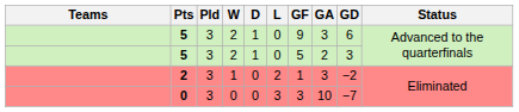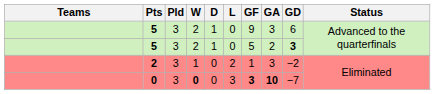 <table class=wikitable style="text-align:center">
 <tr>
 <th width=200>Teams</th>
 <th width=20>Pts</th>
 <th width=20>Pld</th>
 <th width=20>W</th>
 <th width=20>D</th>
 <th width=20>L</th>
 <th width=20>GF</th>
 <th width=20>GA</th>
 <th width=20>GD</th>
 <th width=181>Status</th>
 </tr>
 <tr bgcolor="#D0F0C0">
 <td style="text-align:left;"></td>
 <td><strong>5</strong></td>
 <td>3</td>
 <td>2</td>
 <td>1</td>
 <td>0</td>
 <td>9</td>
 <td>3</td>
 <td>6</td>
 <td rowspan=2>Advanced to the quarterfinals</td>
 </tr>
 <tr bgcolor="#D0F0C0">
 <td style="text-align:left;"></td>
 <td><strong>5</strong></td>
 <td>3</td>
 <td>2</td>
 <td>1</td>
 <td>0</td>
 <td>5</td>
 <td>2</td>
-<td>3</td>
+<td><strong>3</strong></td>
 </tr>
 <tr bgcolor=#FF8888>
 <td style="text-align:left;"></td>
 <td><strong>2</strong></td>
 <td>3</td>
 <td>1</td>
 <td>0</td>
 <td>2</td>
 <td>1</td>
 <td>3</td>
 <td>−2</td>
 <td rowspan=2>Eliminated</td>
 </tr>
 <tr bgcolor=#FF8888>
 <td style="text-align:left;"></td>
 <td><strong>0</strong></td>
 <td>3</td>
-<td>0</td>
+<td><strong>0</strong></td>
 <td>0</td>
 <td>3</td>
-<td>3</td>
-<td>10</td>
+<td><strong>3</strong></td>
+<td><strong>10</strong></td>
 <td>−7</td>
 </tr>
 </table>
